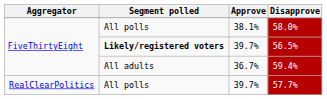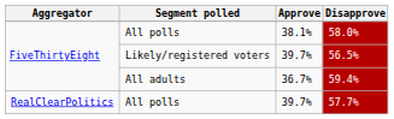 <table class="wikitable sortable" text-align:center;">
 <tr>
 <th>Aggregator</th>
 <th>Segment polled</th>
 <th>Approve</th>
 <th>Disapprove</th>
 </tr>
 <tr style="font-size:85%">
 </tr>
 <tr>
 <td rowspan="3" style="padding:5px;"><a href='#'>FiveThirtyEight</a></td>
 <td style="padding: 7px;">All polls</td>
 <td style="padding: 7px;">38.1%</td>
 <td style="padding: 7px; background: #B60000; color: white">58.0%</td>
 </tr>
 <tr>
-<td style="padding: 7px;"><strong>Likely/registered voters</strong></td>
+<td style="padding: 7px;">Likely/registered voters</td>
 <td style="padding: 7px;">39.7%</td>
 <td style="padding: 7px; background:#B60000; color: white">56.5%</td>
 </tr>
 <tr>
 <td style="padding: 7px;">All adults</td>
 <td style="padding: 7px;">36.7%</td>
 <td style="padding: 7px; background:#B60000; color: white">59.4%</td>
 </tr>
 <tr>
 <td style="padding: 7px;"><a href='#'>RealClearPolitics</a></td>
 <td style="padding: 7px;">All polls</td>
 <td style="padding: 7px;">39.7%</td>
 <td style="padding: 7px; background:#B60000; color: white">57.7%</td>
 </tr>
 </table>
